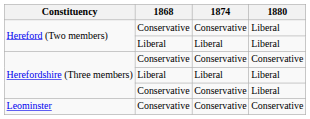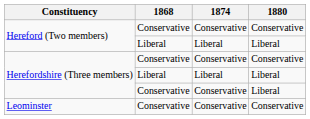 <table class="wikitable">
 <tr>
 <th>Constituency</th>
 <th>1868</th>
 <th>1874</th>
 <th>1880</th>
 </tr>
 <tr>
 <td rowspan="2"><a href='#'>Hereford</a> (Two members)</td>
 <td>Conservative</td>
 <td>Conservative</td>
-<td>Liberal</td>
+<td>Conservative</td>
 </tr>
 <tr>
 <td>Liberal</td>
 <td>Liberal</td>
 <td>Liberal</td>
 </tr>
 <tr>
 <td rowspan="3"><a href='#'>Herefordshire</a> (Three members)</td>
 <td>Conservative</td>
 <td>Conservative</td>
 <td>Conservative</td>
 </tr>
 <tr>
 <td>Liberal</td>
 <td>Liberal</td>
 <td>Liberal</td>
 </tr>
 <tr>
 <td>Conservative</td>
 <td>Conservative</td>
 <td>Liberal</td>
 </tr>
 <tr>
 <td><a href='#'>Leominster</a></td>
 <td>Conservative</td>
 <td>Conservative</td>
 <td>Conservative</td>
 </tr>
 </table>
